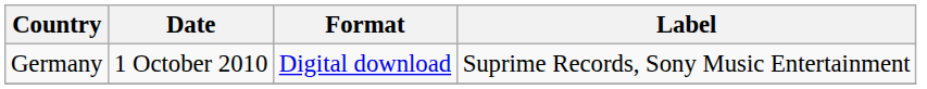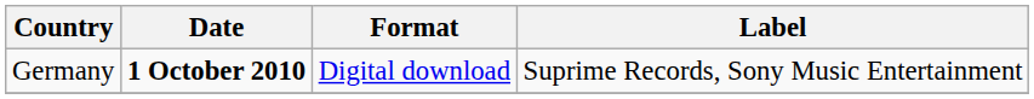 <table class=wikitable>
 <tr>
 <th scope="col">Country</th>
 <th scope="col">Date</th>
 <th scope="col">Format</th>
 <th scope="col">Label</th>
 </tr>
 <tr>
 <td>Germany</td>
-<td>1 October 2010</td>
+<td><strong>1 October 2010</strong></td>
 <td><a href='#'>Digital download</a></td>
 <td>Suprime Records, Sony Music Entertainment</td>
 </tr>
 <tr>
 </tr>
 </table>
